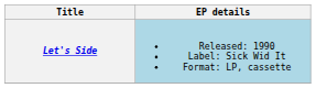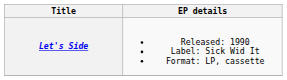 <table class="wikitable plainrowheaders" style="text-align:center;">
 <tr>
 <th scope="col" style="width:14em;">Title</th>
 <th scope="col" style="width:19em;">EP details</th>
 </tr>
 <tr>
 <th scope="row"><em><a href='#'>Let's Side</a></em></th>
-<td style="background: lightblue;"><br><ul><li>Released: 1990</li><li>Label: Sick Wid It</li><li>Format: LP, cassette</li></ul></td>
+<td><br><ul><li>Released: 1990</li><li>Label: Sick Wid It</li><li>Format: LP, cassette</li></ul></td>
 </tr>
 <tr>
 </tr>
 </table>
